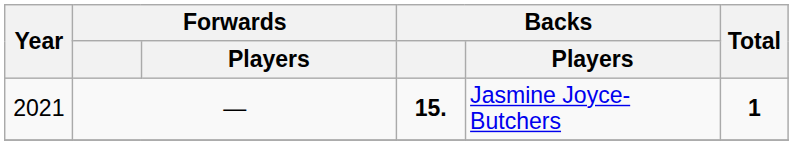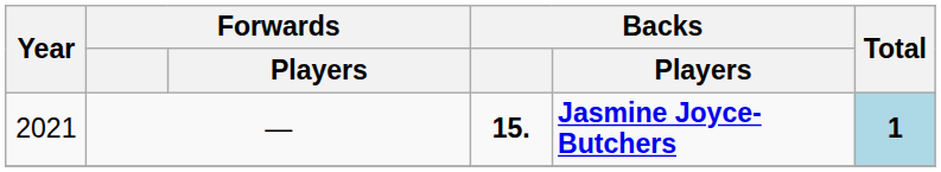 <table class="wikitable">
 <tr>
 <th width=40 rowspan=2>Year</th>
 <th colspan=2>Forwards</th>
 <th colspan=2>Backs</th>
 <th width=40 rowspan=2>Total</th>
 </tr>
 <tr>
 <th width=40></th>
 <th width=170>Players</th>
 <th width=40></th>
 <th width=170>Players</th>
 </tr>
 <tr>
 <td align=center>2021</td>
 <td align=center colspan=2>—</td>
 <td align=center><strong>15.</strong></td>
-<td><a href='#'>Jasmine Joyce-Butchers</a></td>
-<td align=center><strong>1</strong></td>
+<td><strong><a href='#'>Jasmine Joyce-Butchers</a></strong></td>
+<td align=center style="background: lightblue;"><strong>1</strong></td>
 </tr>
 <tr>
 </tr>
 </table>
